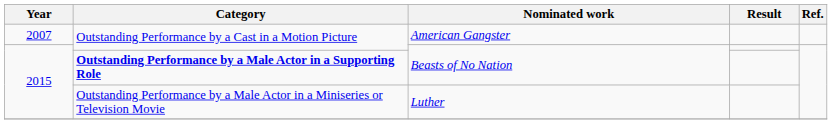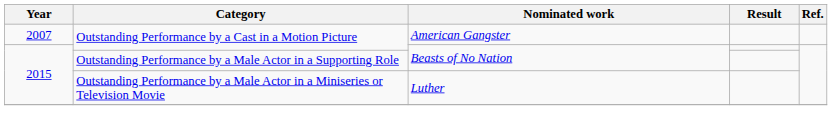 <table class=wikitable>
 <tr>
 <th scope="col" style="width:5em;">Year</th>
 <th scope="col" style="width:26em;">Category</th>
 <th scope="col" style="width:25em;">Nominated work</th>
 <th scope="col" style="width:5em;">Result</th>
 <th>Ref.</th>
 </tr>
 <tr>
 <td style="text-align:center;"><a href='#'>2007</a></td>
 <td rowspan=2><a href='#'>Outstanding Performance by a Cast in a Motion Picture</a></td>
 <td><em><a href='#'>American Gangster</a></em></td>
 <td></td>
 <td style="text-align:center;"></td>
 </tr>
 <tr>
 <td rowspan=3, style="text-align:center;"><a href='#'>2015</a></td>
 <td rowspan=2><em><a href='#'>Beasts of No Nation</a></em></td>
 <td></td>
 <td style="text-align:center;", rowspan=3></td>
 </tr>
 <tr>
-<td><strong><a href='#'>Outstanding Performance by a Male Actor in a Supporting Role</a></strong></td>
+<td><a href='#'>Outstanding Performance by a Male Actor in a Supporting Role</a></td>
 <td></td>
 </tr>
 <tr>
 <td><a href='#'>Outstanding Performance by a Male Actor in a Miniseries or Television Movie</a></td>
 <td><em><a href='#'>Luther</a></em></td>
 <td></td>
 </tr>
 <tr>
 </tr>
 </table>
